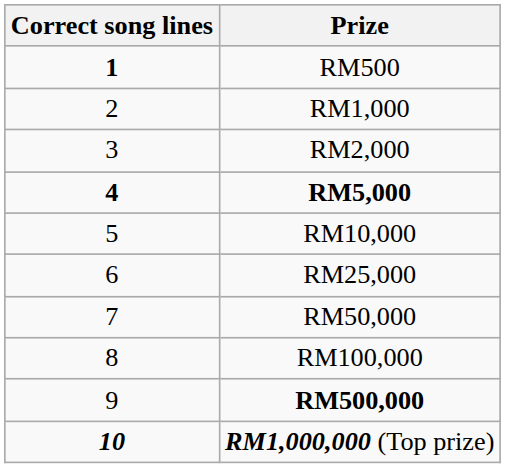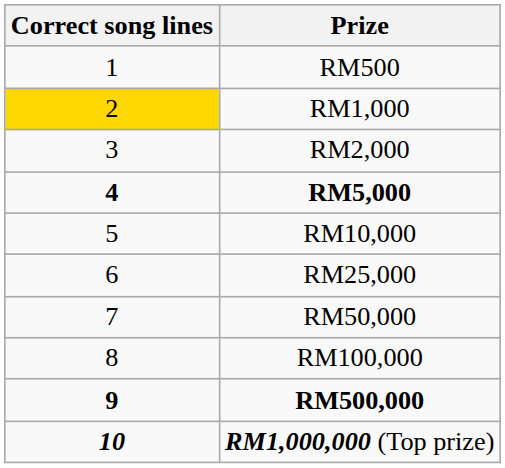 <table class="wikitable" style="text-align:center;">
 <tr>
 <th>Correct song lines</th>
 <th>Prize</th>
 </tr>
 <tr>
-<td><strong>1</strong></td>
+<td>1</td>
 <td>RM500</td>
 </tr>
 <tr>
-<td>2</td>
+<td style="background: gold;">2</td>
 <td>RM1,000</td>
 </tr>
 <tr>
 <td>3</td>
 <td>RM2,000</td>
 </tr>
 <tr>
 <td><strong>4</strong></td>
 <td><strong>RM5,000</strong></td>
 </tr>
 <tr>
 <td>5</td>
 <td>RM10,000</td>
 </tr>
 <tr>
 <td>6</td>
 <td>RM25,000</td>
 </tr>
 <tr>
 <td>7</td>
 <td>RM50,000</td>
 </tr>
 <tr>
 <td>8</td>
 <td>RM100,000</td>
 </tr>
 <tr>
-<td>9</td>
+<td><strong>9</strong></td>
 <td><strong>RM500,000</strong></td>
 </tr>
 <tr>
 <td><strong><em>10</em></strong></td>
 <td><strong><em>RM1,000,000</em></strong> (Top prize)</td>
 </tr>
 </table>
